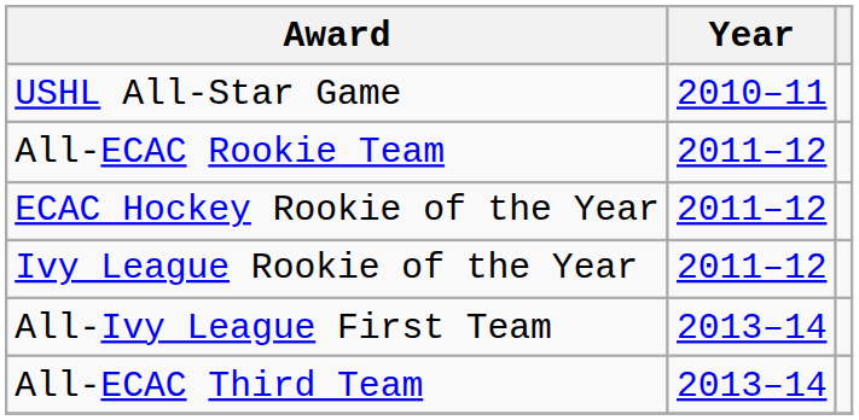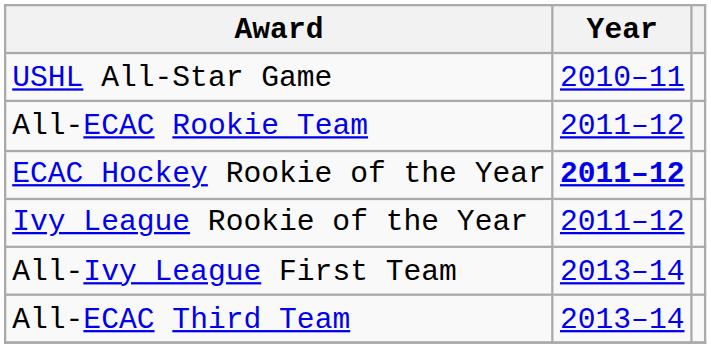 <table class="wikitable">
 <tr>
 <th>Award</th>
 <th>Year</th>
 <th></th>
 </tr>
 <tr>
 <td><a href='#'>USHL</a> All-Star Game</td>
 <td><a href='#'>2010–11</a></td>
 <td></td>
 </tr>
 <tr>
 <td>All-<a href='#'>ECAC</a> <a href='#'>Rookie Team</a></td>
 <td><a href='#'>2011–12</a></td>
 <td></td>
 </tr>
 <tr>
 <td><a href='#'>ECAC Hockey</a> Rookie of the Year</td>
-<td><a href='#'>2011–12</a></td>
+<td><strong><a href='#'>2011–12</a></strong></td>
 <td></td>
 </tr>
 <tr>
 <td><a href='#'>Ivy League</a> Rookie of the Year</td>
 <td><a href='#'>2011–12</a></td>
 <td></td>
 </tr>
 <tr>
 <td>All-<a href='#'>Ivy League</a> First Team</td>
 <td><a href='#'>2013–14</a></td>
 <td></td>
 </tr>
 <tr>
 <td>All-<a href='#'>ECAC</a> <a href='#'>Third Team</a></td>
 <td><a href='#'>2013–14</a></td>
 <td></td>
 </tr>
 <tr>
 </tr>
 </table>
